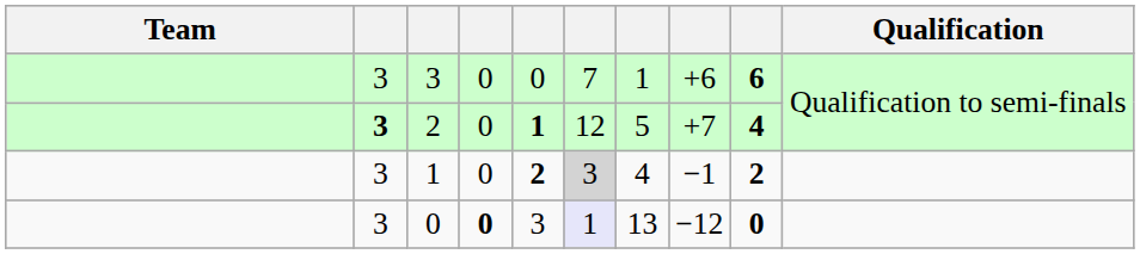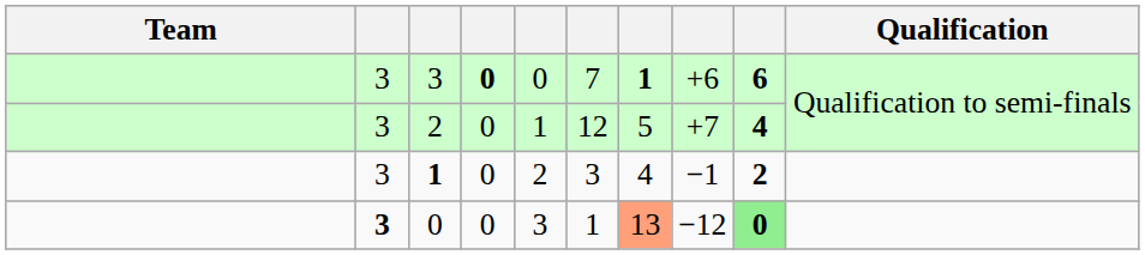 <table class="wikitable" style="text-align:center;">
 <tr>
 <th width=175>Team</th>
 <th width=20></th>
 <th width=20></th>
 <th width=20></th>
 <th width=20></th>
 <th width=20></th>
 <th width=20></th>
 <th width=20></th>
 <th width=20></th>
 <th>Qualification</th>
 </tr>
 <tr bgcolor="#ccffcc">
 <td align="left"></td>
 <td>3</td>
 <td>3</td>
-<td>0</td>
+<td><strong>0</strong></td>
 <td>0</td>
 <td>7</td>
-<td>1</td>
+<td><strong>1</strong></td>
 <td>+6</td>
 <td><strong>6</strong></td>
 <td rowspan="2">Qualification to semi-finals</td>
 </tr>
 <tr bgcolor="#ccffcc">
 <td align="left"></td>
-<td><strong>3</strong></td>
+<td>3</td>
 <td>2</td>
 <td>0</td>
-<td><strong>1</strong></td>
+<td>1</td>
 <td>12</td>
 <td>5</td>
 <td>+7</td>
 <td><strong>4</strong></td>
 </tr>
 <tr>
 <td align="left"></td>
 <td>3</td>
-<td>1</td>
+<td><strong>1</strong></td>
 <td>0</td>
-<td><strong>2</strong></td>
-<td style="background: lightgrey;">3</td>
+<td>2</td>
+<td>3</td>
 <td>4</td>
 <td>−1</td>
 <td><strong>2</strong></td>
 <td></td>
 </tr>
 <tr>
 <td align="left"></td>
+<td><strong>3</strong></td>
+<td>0</td>
+<td>0</td>
 <td>3</td>
-<td>0</td>
-<td><strong>0</strong></td>
-<td>3</td>
-<td style="background: lavender;">1</td>
-<td>13</td>
+<td>1</td>
+<td style="background: lightsalmon;">13</td>
 <td>−12</td>
-<td><strong>0</strong></td>
+<td style="background: lightgreen;"><strong>0</strong></td>
 <td></td>
 </tr>
 </table>
